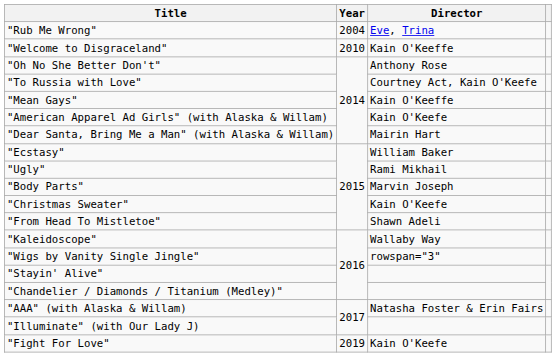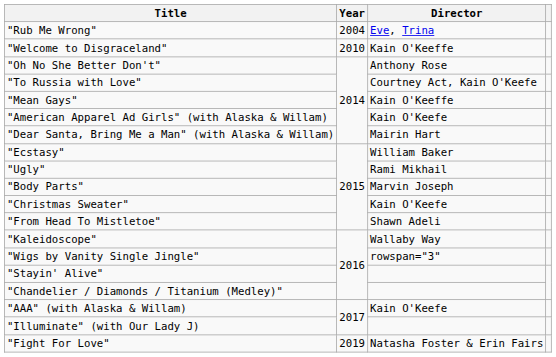 <table class="wikitable plainrowheaders" style="text-align:left;">
 <tr>
 <th>Title</th>
 <th>Year</th>
 <th>Director</th>
 <th></th>
 </tr>
 <tr>
 <td>"Rub Me Wrong"</td>
 <td>2004</td>
 <td><a href='#'>Eve</a>, <a href='#'>Trina</a></td>
 <td></td>
 </tr>
 <tr>
 <td>"Welcome to Disgraceland"</td>
 <td>2010</td>
 <td>Kain O'Keeffe</td>
 <td></td>
 </tr>
 <tr>
 <td>"Oh No She Better Don't"</td>
 <td rowspan="5">2014</td>
 <td>Anthony Rose</td>
 <td></td>
 </tr>
 <tr>
 <td>"To Russia with Love"</td>
 <td>Courtney Act, Kain O'Keefe</td>
 <td></td>
 </tr>
 <tr>
 <td>"Mean Gays"</td>
 <td>Kain O'Keeffe</td>
 <td style="text-align: center;"></td>
 </tr>
 <tr>
 <td>"American Apparel Ad Girls" (with Alaska & Willam)</td>
 <td>Kain O'Keefe</td>
 <td></td>
 </tr>
 <tr>
 <td>"Dear Santa, Bring Me a Man" (with Alaska & Willam)</td>
 <td>Mairin Hart</td>
 <td></td>
 </tr>
 <tr>
 <td>"Ecstasy"</td>
 <td rowspan="5">2015</td>
 <td>William Baker</td>
 <td></td>
 </tr>
 <tr>
 <td>"Ugly"</td>
 <td>Rami Mikhail</td>
 <td></td>
 </tr>
 <tr>
 <td>"Body Parts"</td>
 <td>Marvin Joseph</td>
 <td></td>
 </tr>
 <tr>
 <td>"Christmas Sweater"</td>
 <td>Kain O'Keefe</td>
 <td></td>
 </tr>
 <tr>
 <td>"From Head To Mistletoe"</td>
 <td>Shawn Adeli</td>
 <td></td>
 </tr>
 <tr>
 <td>"Kaleidoscope"</td>
 <td rowspan="4">2016</td>
 <td>Wallaby Way</td>
 <td></td>
 </tr>
 <tr>
 <td>"Wigs by Vanity Single Jingle"</td>
 <td>rowspan="3" </td>
 <td></td>
 </tr>
 <tr>
 <td>"Stayin' Alive"</td>
 <td></td>
 </tr>
 <tr>
 <td>"Chandelier / Diamonds / Titanium (Medley)"</td>
 <td></td>
 </tr>
 <tr>
 <td>"AAA" (with Alaska & Willam)</td>
 <td rowspan="2">2017</td>
-<td>Natasha Foster & Erin Fairs</td>
+<td>Kain O'Keefe</td>
 <td></td>
 </tr>
 <tr>
 <td>"Illuminate" (with Our Lady J)</td>
 <td></td>
 <td></td>
 </tr>
 <tr>
 <td>"Fight For Love"</td>
 <td>2019</td>
-<td>Kain O'Keefe</td>
+<td>Natasha Foster & Erin Fairs</td>
 <td></td>
 </tr>
 </table>
